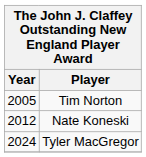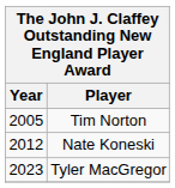 <table class="wikitable" style="display: inline-table; margin-right: 20px; text-align:center">
 <tr>
 <th scope="col" colspan="2" style="width: 145px;">The John J. Claffey Outstanding New England Player Award</th>
 </tr>
 <tr>
 <th scope="col">Year</th>
 <th scope="col">Player</th>
 </tr>
 <tr>
 <td>2005</td>
 <td>Tim Norton</td>
 </tr>
 <tr>
 <td>2012</td>
 <td>Nate Koneski</td>
 </tr>
 <tr>
-<td>2024</td>
+<td>2023</td>
 <td>Tyler MacGregor</td>
 </tr>
 <tr>
 </tr>
 </table>
